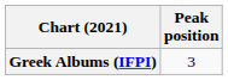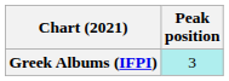 <table class="wikitable plainrowheaders" style="text-align:center">
 <tr>
 <th scope="col">Chart (2021)</th>
 <th scope="col">Peak<br>position</th>
 </tr>
 <tr>
 <th scope="row">Greek Albums (<a href='#'>IFPI</a>)</th>
-<td>3</td>
+<td style="background: paleturquoise;">3</td>
 </tr>
 </table>
